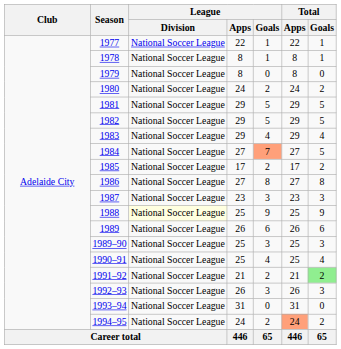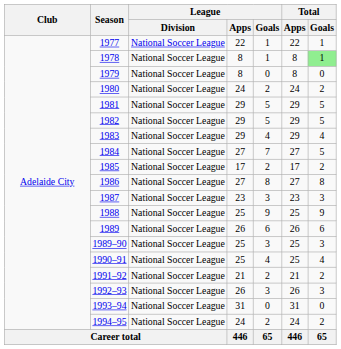 <table class="wikitable" style="text-align:center">
 <tr>
 <th rowspan="2" style="width: 100pt">Club</th>
 <th rowspan="2">Season</th>
 <th colspan="3">League</th>
 <th colspan="2">Total</th>
 </tr>
 <tr>
 <th>Division</th>
 <th>Apps</th>
 <th>Goals</th>
 <th>Apps</th>
 <th>Goals</th>
 </tr>
 <tr>
 <td rowspan="19"><a href='#'>Adelaide City</a></td>
 <td><a href='#'>1977</a></td>
 <td><a href='#'>National Soccer League</a></td>
 <td>22</td>
 <td>1</td>
 <td>22</td>
 <td>1</td>
 </tr>
 <tr>
 <td><a href='#'>1978</a></td>
 <td>National Soccer League</td>
 <td>8</td>
 <td>1</td>
 <td>8</td>
-<td>1</td>
+<td style="background: lightgreen;">1</td>
 </tr>
 <tr>
 <td><a href='#'>1979</a></td>
 <td>National Soccer League</td>
 <td>8</td>
 <td>0</td>
 <td>8</td>
 <td>0</td>
 </tr>
 <tr>
 <td><a href='#'>1980</a></td>
 <td>National Soccer League</td>
 <td>24</td>
 <td>2</td>
 <td>24</td>
 <td>2</td>
 </tr>
 <tr>
 <td><a href='#'>1981</a></td>
 <td>National Soccer League</td>
 <td>29</td>
 <td>5</td>
 <td>29</td>
 <td>5</td>
 </tr>
 <tr>
 <td><a href='#'>1982</a></td>
 <td>National Soccer League</td>
 <td>29</td>
 <td>5</td>
 <td>29</td>
 <td>5</td>
 </tr>
 <tr>
 <td><a href='#'>1983</a></td>
 <td>National Soccer League</td>
 <td>29</td>
 <td>4</td>
 <td>29</td>
 <td>4</td>
 </tr>
 <tr>
 <td><a href='#'>1984</a></td>
 <td>National Soccer League</td>
 <td>27</td>
-<td style="background: lightsalmon;">7</td>
+<td>7</td>
 <td>27</td>
 <td>5</td>
 </tr>
 <tr>
 <td><a href='#'>1985</a></td>
 <td>National Soccer League</td>
 <td>17</td>
 <td>2</td>
 <td>17</td>
 <td>2</td>
 </tr>
 <tr>
 <td><a href='#'>1986</a></td>
 <td>National Soccer League</td>
 <td>27</td>
 <td>8</td>
 <td>27</td>
 <td>8</td>
 </tr>
 <tr>
 <td><a href='#'>1987</a></td>
 <td>National Soccer League</td>
 <td>23</td>
 <td>3</td>
 <td>23</td>
 <td>3</td>
 </tr>
 <tr>
 <td><a href='#'>1988</a></td>
-<td style="background: lightyellow;">National Soccer League</td>
+<td>National Soccer League</td>
 <td>25</td>
 <td>9</td>
 <td>25</td>
 <td>9</td>
 </tr>
 <tr>
 <td><a href='#'>1989</a></td>
 <td>National Soccer League</td>
 <td>26</td>
 <td>6</td>
 <td>26</td>
 <td>6</td>
 </tr>
 <tr>
 <td><a href='#'>1989–90</a></td>
 <td>National Soccer League</td>
 <td>25</td>
 <td>3</td>
 <td>25</td>
 <td>3</td>
 </tr>
 <tr>
 <td><a href='#'>1990–91</a></td>
 <td>National Soccer League</td>
 <td>25</td>
 <td>4</td>
 <td>25</td>
 <td>4</td>
 </tr>
 <tr>
 <td><a href='#'>1991–92</a></td>
 <td>National Soccer League</td>
 <td>21</td>
 <td>2</td>
 <td>21</td>
-<td style="background: lightgreen;">2</td>
+<td>2</td>
 </tr>
 <tr>
 <td><a href='#'>1992–93</a></td>
 <td>National Soccer League</td>
 <td>26</td>
 <td>3</td>
 <td>26</td>
 <td>3</td>
 </tr>
 <tr>
 <td><a href='#'>1993–94</a></td>
 <td>National Soccer League</td>
 <td>31</td>
 <td>0</td>
 <td>31</td>
 <td>0</td>
 </tr>
 <tr>
 <td><a href='#'>1994–95</a></td>
 <td>National Soccer League</td>
 <td>24</td>
 <td>2</td>
-<td style="background: lightsalmon;">24</td>
+<td>24</td>
 <td>2</td>
 </tr>
 <tr>
 <th colspan="3">Career total</th>
 <th>446</th>
 <th>65</th>
 <th>446</th>
 <th>65</th>
 </tr>
 </table>
